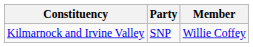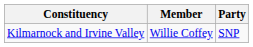 <table class="wikitable" style="font-size: 95%;">
 <tr>
 <th>Constituency</th>
+<th>Member</th>
 <th colspan=1>Party</th>
-<th>Member</th>
 </tr>
 <tr>
 <td><a href='#'>Kilmarnock and Irvine Valley</a></td>
+<td><a href='#'>Willie Coffey</a></td>
 <td><a href='#'>SNP</a></td>
-<td><a href='#'>Willie Coffey</a></td>
 </tr>
 </table>
